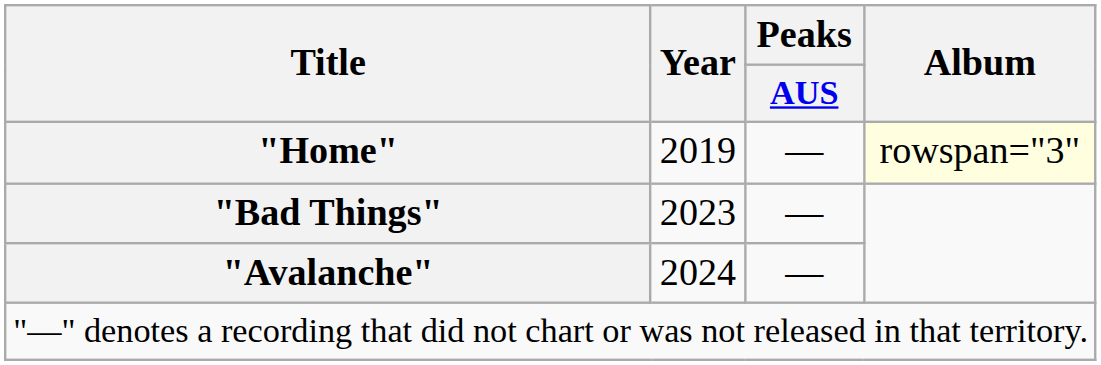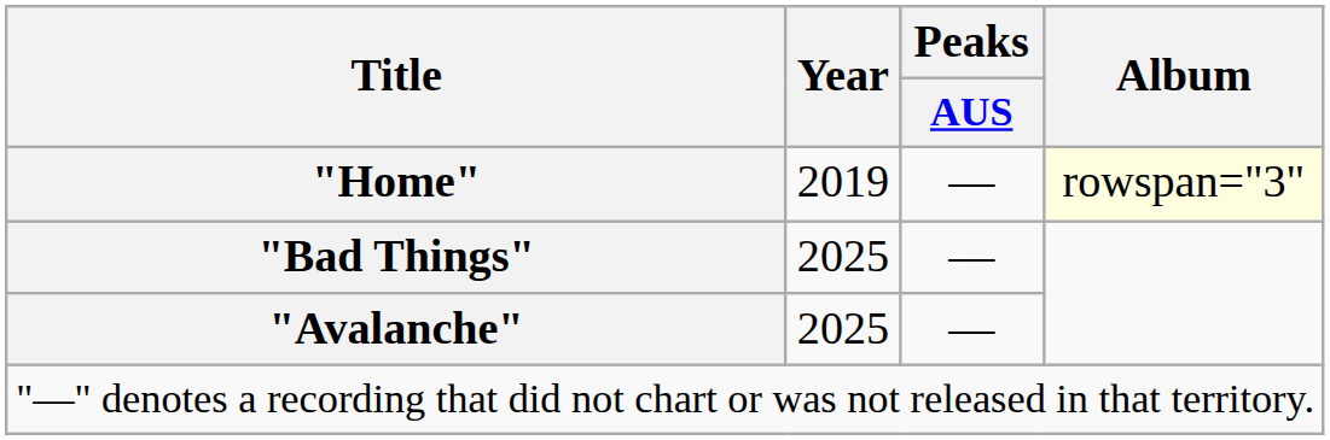 <table class="wikitable plainrowheaders" style="text-align:center;">
 <tr>
 <th scope="col" rowspan="2" style="width:16.5em;">Title</th>
 <th scope="col" rowspan="2" style="width:1em;">Year</th>
 <th scope="col" colspan="1">Peaks</th>
 <th scope="col" rowspan="2">Album</th>
 </tr>
 <tr>
 <th scope="col" style="width:3em;font-size:90%;"><a href='#'>AUS</a></th>
 </tr>
 <tr>
 <th scope="row">"Home"</th>
 <td>2019</td>
 <td>—</td>
 <td style="background: lightyellow;">rowspan="3" </td>
 </tr>
 <tr>
 <th scope="row">"Bad Things"</th>
-<td>2023</td>
+<td>2025</td>
 <td>—</td>
 </tr>
 <tr>
 <th scope="row">"Avalanche"</th>
-<td>2024</td>
+<td>2025</td>
 <td>—</td>
 </tr>
 <tr>
 <td colspan="14" style="font-size:90%">"—" denotes a recording that did not chart or was not released in that territory.</td>
 </tr>
 </table>
